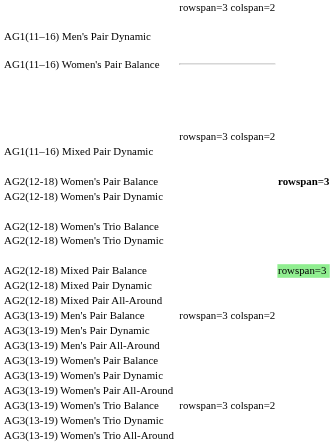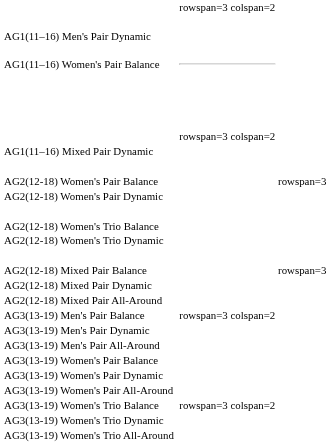 <table>
 <tr>
 <td></td>
 <td><br></td>
 <td>rowspan=3 colspan=2 </td>
 </tr>
 <tr>
 <td></td>
 <td><br></td>
 </tr>
 <tr>
 <td>AG1(11–16) Men's Pair Dynamic</td>
 <td><br></td>
 </tr>
 <tr>
 <td>AG1(11–16) Women's Pair Balance</td>
 <td><br></td>
 <td><br><hr><br></td>
 <td></td>
 </tr>
 <tr>
 <td></td>
 <td><br></td>
 <td><br></td>
 <td><br></td>
 </tr>
 <tr>
 <td></td>
 <td><br></td>
 <td><br></td>
 <td><br></td>
 </tr>
 <tr>
 <td></td>
 <td><br></td>
 <td><br></td>
 <td><br></td>
 </tr>
 <tr>
 <td></td>
 <td><br></td>
 <td>rowspan=3 colspan=2 </td>
 </tr>
 <tr>
 <td>AG1(11–16) Mixed Pair Dynamic</td>
 <td><br></td>
 </tr>
 <tr>
 <td></td>
 <td><br></td>
 </tr>
 <tr>
 <td>AG2(12-18) Women's Pair  Balance</td>
 <td><br></td>
 <td><br></td>
-<td><strong>rowspan=3 </strong></td>
+<td>rowspan=3 </td>
 </tr>
 <tr>
 <td>AG2(12-18) Women's Pair Dynamic</td>
 <td><br></td>
 <td><br></td>
 </tr>
 <tr>
 <td></td>
 <td><br></td>
 <td><br></td>
 </tr>
 <tr>
 <td>AG2(12-18) Women's Trio Balance</td>
 <td><br></td>
 <td><br></td>
 <td><br></td>
 </tr>
 <tr>
 <td>AG2(12-18) Women's Trio Dynamic</td>
 <td><br></td>
 <td><br></td>
 <td><br></td>
 </tr>
 <tr>
 <td></td>
 <td><br></td>
 <td><br></td>
 <td><br></td>
 </tr>
 <tr>
 <td>AG2(12-18) Mixed Pair Balance</td>
 <td><br></td>
 <td><br></td>
-<td style="background: lightgreen;">rowspan=3 </td>
+<td>rowspan=3 </td>
 </tr>
 <tr>
 <td>AG2(12-18) Mixed Pair Dynamic</td>
 <td><br></td>
 <td><br></td>
 </tr>
 <tr>
 <td>AG2(12-18) Mixed Pair All-Around</td>
 <td><br></td>
 <td><br></td>
 </tr>
 <tr>
 <td>AG3(13-19) Men's Pair Balance</td>
 <td><br></td>
 <td>rowspan=3 colspan=2 </td>
 </tr>
 <tr>
 <td>AG3(13-19) Men's Pair Dynamic</td>
 <td><br></td>
 </tr>
 <tr>
 <td>AG3(13-19) Men's Pair All-Around</td>
 <td><br></td>
 </tr>
 <tr>
 <td>AG3(13-19) Women's Pair Balance</td>
 <td><br></td>
 <td><br></td>
 <td><br></td>
 </tr>
 <tr>
 <td>AG3(13-19) Women's Pair Dynamic</td>
 <td><br></td>
 <td><br></td>
 <td><br></td>
 </tr>
 <tr>
 <td>AG3(13-19) Women's Pair All-Around</td>
 <td><br></td>
 <td><br></td>
 <td><br></td>
 </tr>
 <tr>
 <td>AG3(13-19) Women's Trio Balance</td>
 <td><br></td>
 <td>rowspan=3 colspan=2 </td>
 </tr>
 <tr>
 <td>AG3(13-19) Women's Trio Dynamic</td>
 <td><br></td>
 </tr>
 <tr>
 <td>AG3(13-19) Women's Trio All-Around</td>
 <td><br></td>
 </tr>
 </table>
